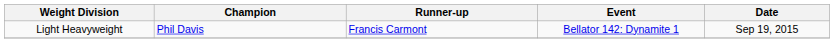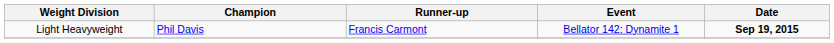 <table class="wikitable" width="99%" style="text-align:center;">
 <tr>
 <th width="18%">Weight Division</th>
 <th width="23%">Champion</th>
 <th width="23%">Runner-up</th>
 <th width="20%">Event</th>
 <th width="15%">Date</th>
 </tr>
 <tr>
 <td>Light Heavyweight</td>
 <td align=left> <a href='#'>Phil Davis</a></td>
 <td align=left> <a href='#'>Francis Carmont</a></td>
 <td><a href='#'>Bellator 142: Dynamite 1</a></td>
-<td>Sep 19, 2015</td>
+<td><strong>Sep 19, 2015</strong></td>
 </tr>
 <tr>
 </tr>
 </table>
